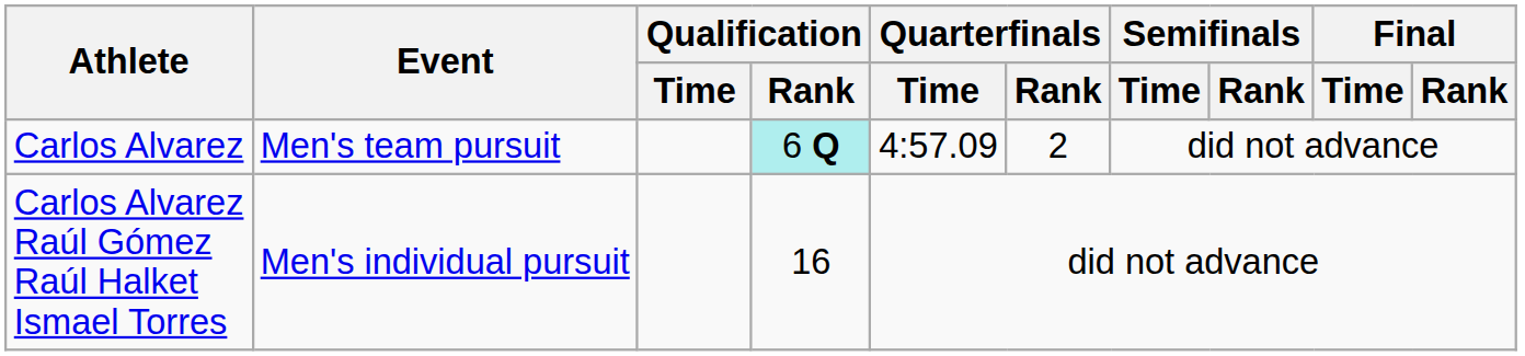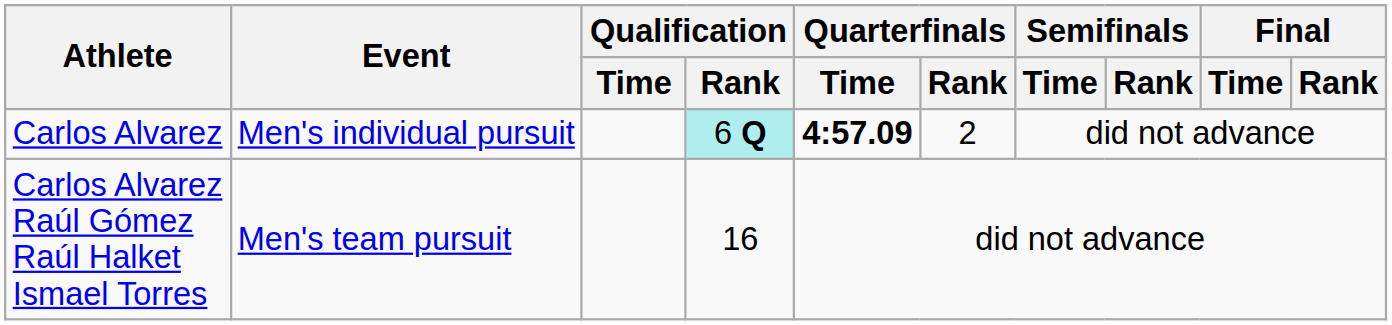 <table class=wikitable style="font-size:90%">
 <tr>
 <th rowspan=2>Athlete</th>
 <th rowspan=2>Event</th>
 <th colspan=2>Qualification</th>
 <th colspan=2>Quarterfinals</th>
 <th colspan=2>Semifinals</th>
 <th colspan=2>Final</th>
 </tr>
 <tr>
 <th>Time</th>
 <th>Rank</th>
 <th>Time</th>
 <th>Rank</th>
 <th>Time</th>
 <th>Rank</th>
 <th>Time</th>
 <th>Rank</th>
 </tr>
 <tr align=center>
 <td align=left><a href='#'>Carlos Alvarez</a></td>
-<td align=left><a href='#'>Men's team pursuit</a></td>
+<td align=left><a href='#'>Men's individual pursuit</a></td>
 <td></td>
 <td style="background: paleturquoise;">6 <strong>Q</strong></td>
-<td>4:57.09</td>
+<td><strong>4:57.09</strong></td>
 <td>2</td>
 <td colspan=4>did not advance</td>
 </tr>
 <tr align=center>
 <td align=left><a href='#'>Carlos Alvarez</a><br><a href='#'>Raúl Gómez</a><br><a href='#'>Raúl Halket</a><br><a href='#'>Ismael Torres</a></td>
-<td align=left><a href='#'>Men's individual pursuit</a></td>
+<td align=left><a href='#'>Men's team pursuit</a></td>
 <td></td>
 <td>16</td>
 <td colspan=6>did not advance</td>
 </tr>
 </table>
